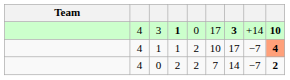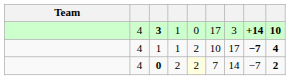 <table class="wikitable" style="text-align:center">
 <tr>
 <th width="175">Team</th>
 <th width="20"></th>
 <th width="20"></th>
 <th width="20"></th>
 <th width="20"></th>
 <th width="20"></th>
 <th width="20"></th>
 <th width="20"></th>
 <th width="20"></th>
 </tr>
 <tr bgcolor=ccffcc>
 <td align=left></td>
 <td>4</td>
-<td>3</td>
-<td><strong>1</strong></td>
+<td><strong>3</strong></td>
+<td>1</td>
 <td>0</td>
 <td>17</td>
-<td><strong>3</strong></td>
-<td>+14</td>
+<td>3</td>
+<td><strong>+14</strong></td>
 <td><strong>10</strong></td>
 </tr>
 <tr>
 <td align=left></td>
 <td>4</td>
 <td>1</td>
 <td>1</td>
 <td>2</td>
 <td>10</td>
 <td>17</td>
-<td>−7</td>
-<td style="background: lightsalmon;"><strong>4</strong></td>
+<td><strong>−7</strong></td>
+<td><strong>4</strong></td>
 </tr>
 <tr>
 <td align=left></td>
 <td>4</td>
-<td>0</td>
+<td><strong>0</strong></td>
 <td>2</td>
-<td>2</td>
+<td style="background: lightyellow;">2</td>
 <td>7</td>
 <td>14</td>
 <td>−7</td>
 <td><strong>2</strong></td>
 </tr>
 </table>
